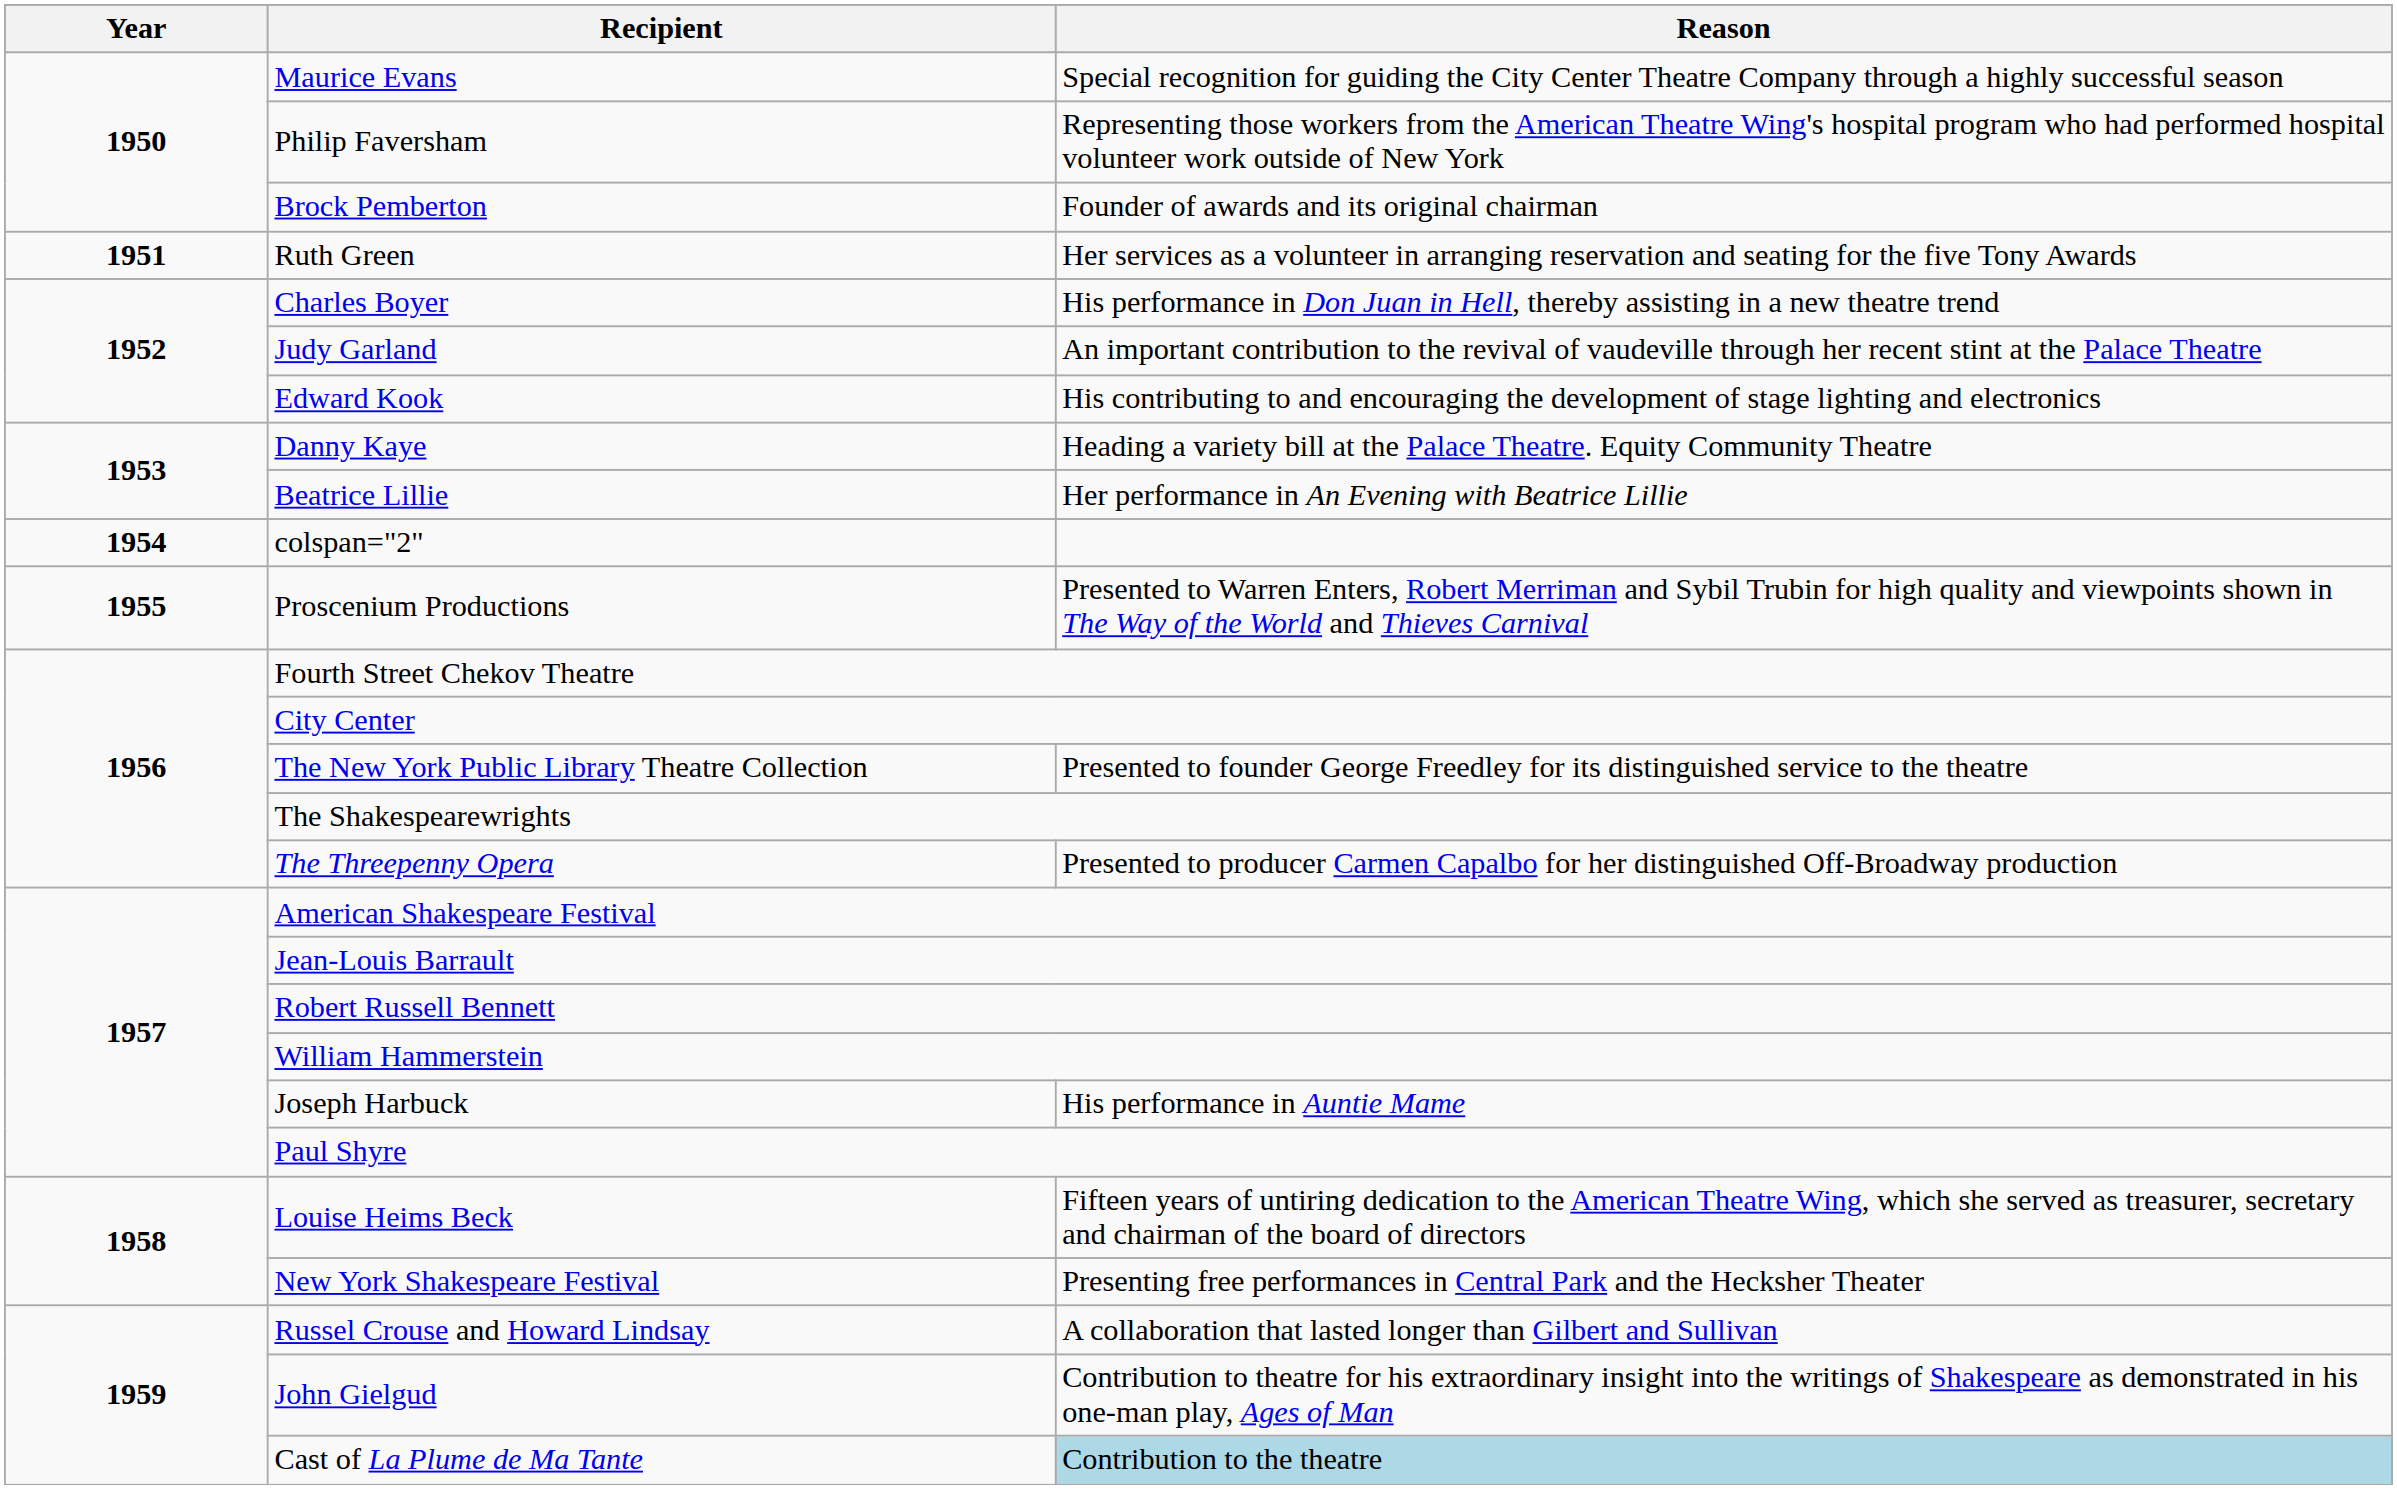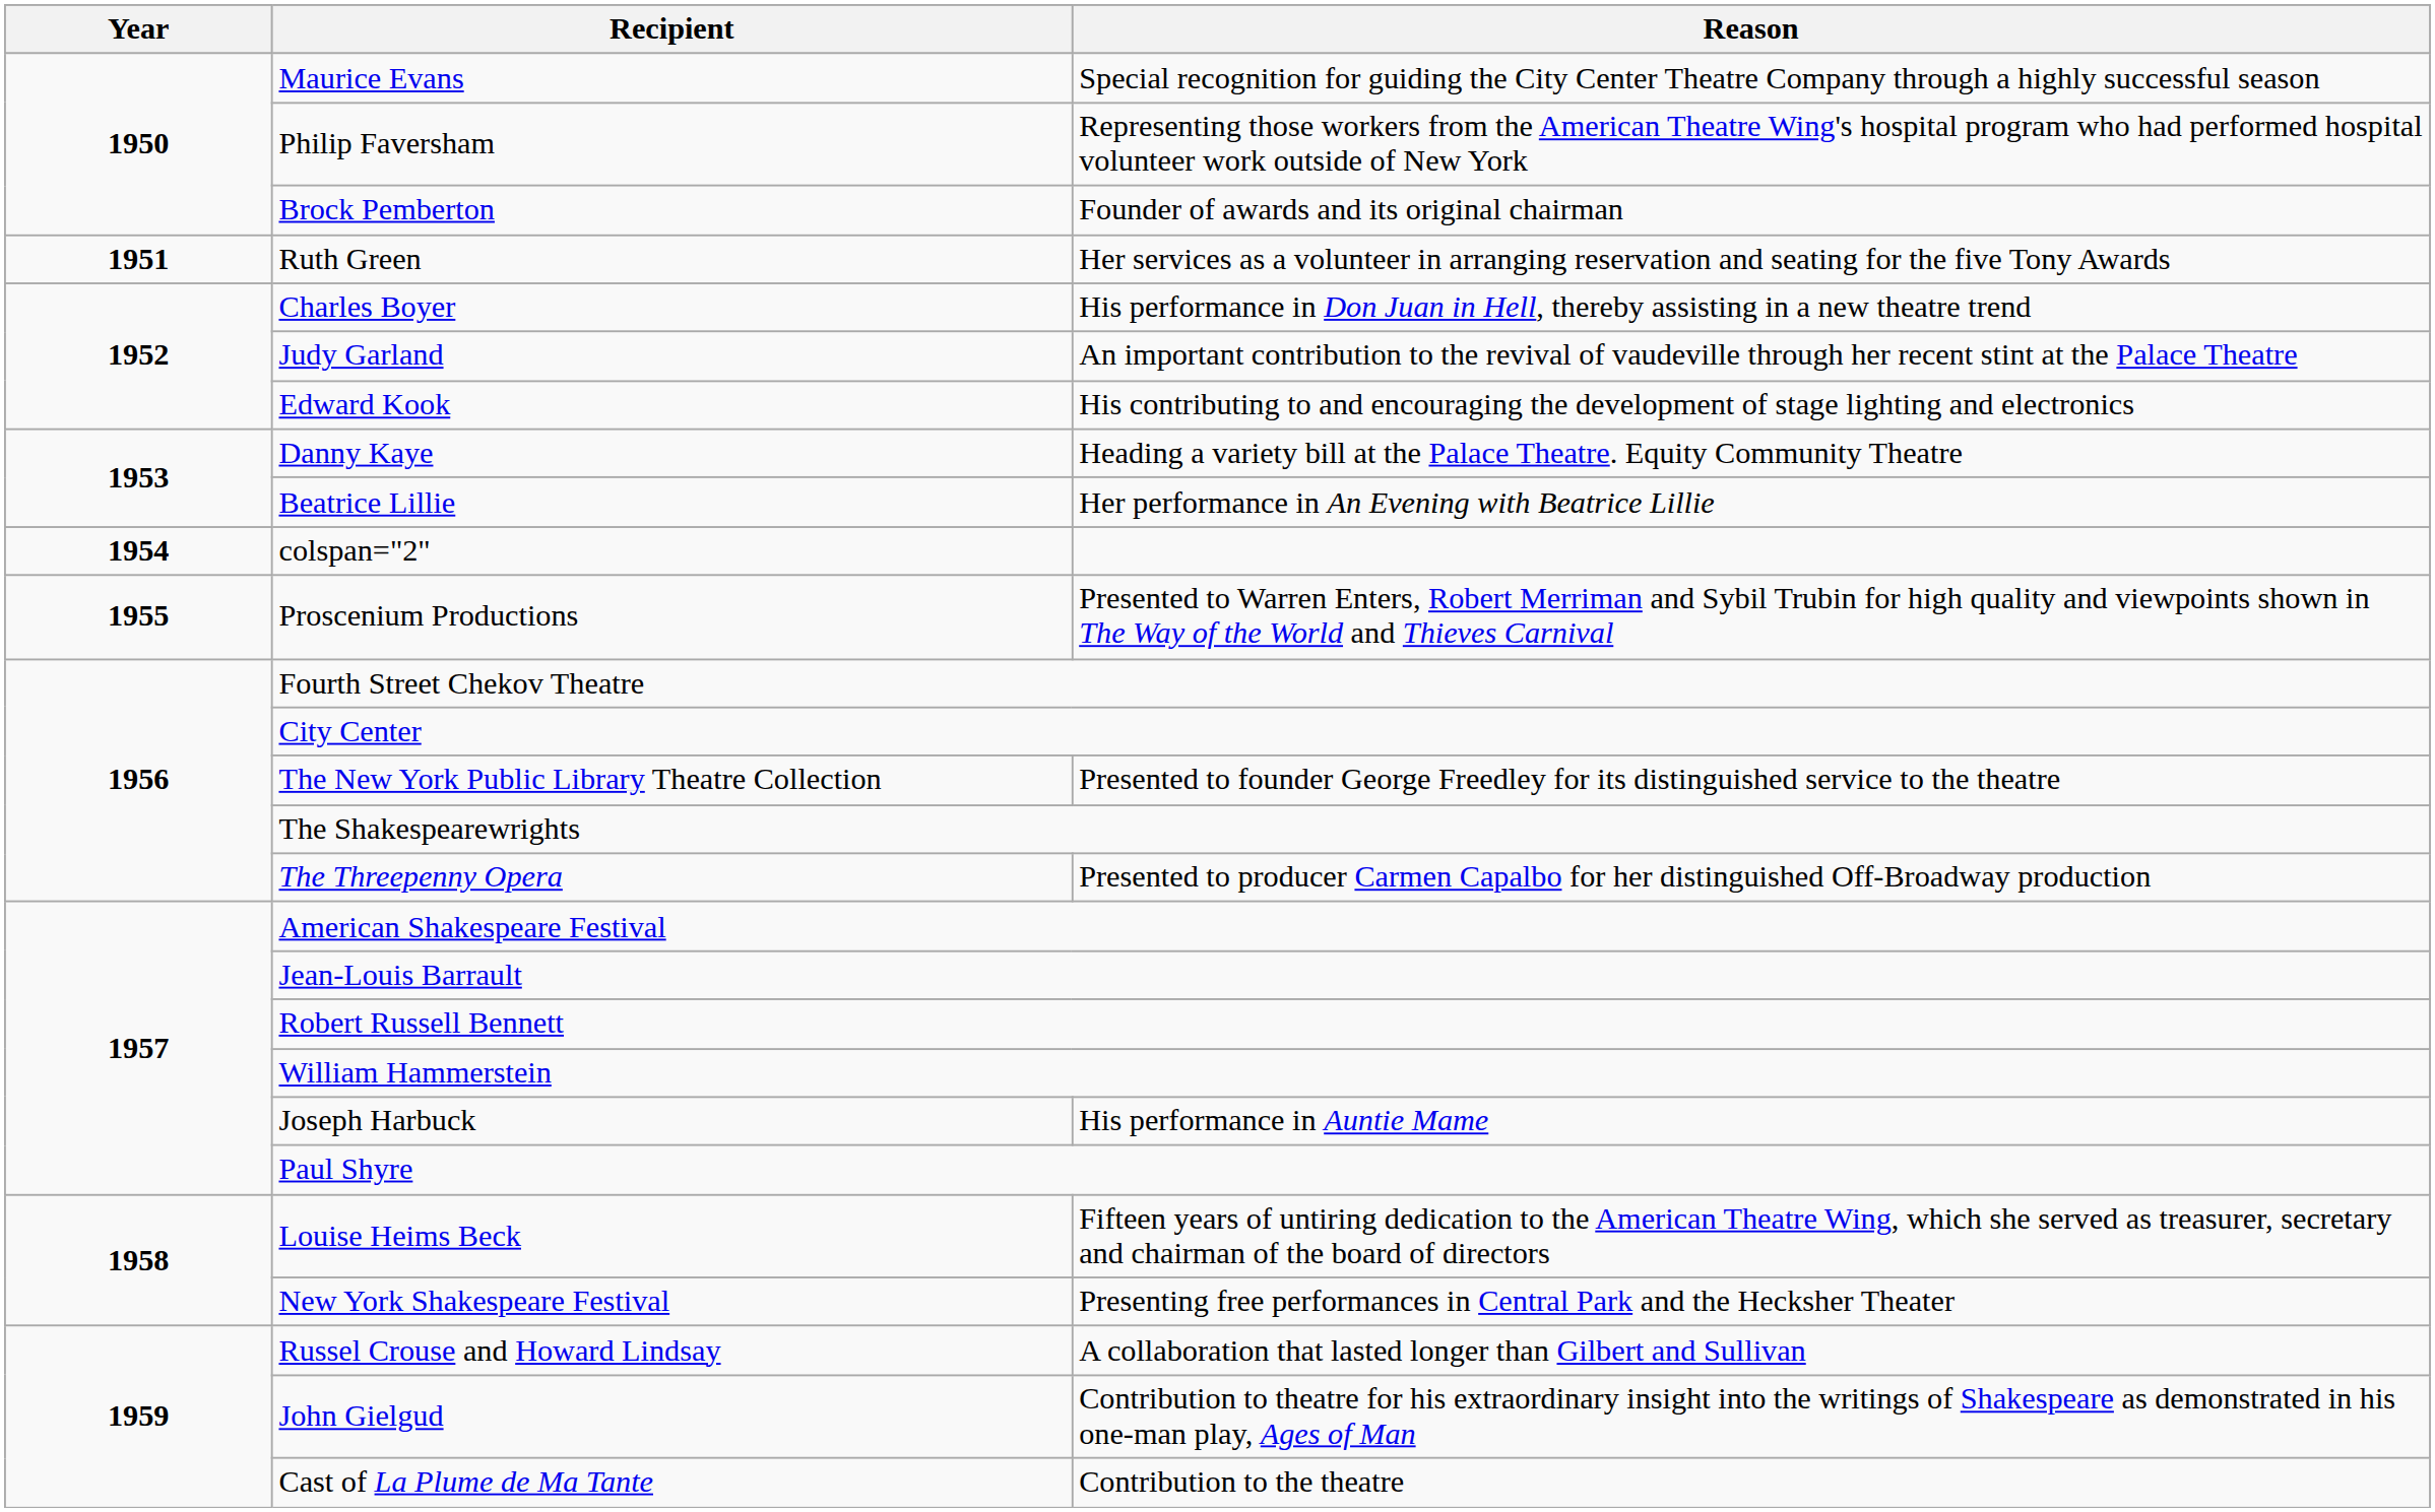 <table class="wikitable" style="width:100%;">
 <tr style="background:#bebebe;">
 <th style="width:11%;">Year</th>
 <th style="width:33%;”">Recipient</th>
 <th style="width:56%;”">Reason</th>
 </tr>
 <tr>
 <td rowspan="3" align="center"><strong>1950</strong><br></td>
 <td><a href='#'>Maurice Evans</a></td>
 <td>Special recognition for guiding the City Center Theatre Company through a highly successful season</td>
 </tr>
 <tr>
 <td>Philip Faversham</td>
 <td>Representing those workers from the <a href='#'>American Theatre Wing</a>'s hospital program who had performed hospital volunteer work outside of New York</td>
 </tr>
 <tr>
 <td><a href='#'>Brock Pemberton</a> </td>
 <td>Founder of awards and its original chairman</td>
 </tr>
 <tr>
 <td align="center"><strong>1951</strong><br></td>
 <td>Ruth Green</td>
 <td>Her services as a volunteer in arranging reservation and seating for the five Tony Awards</td>
 </tr>
 <tr>
 <td rowspan="3" align="center"><strong>1952</strong><br></td>
 <td><a href='#'>Charles Boyer</a></td>
 <td>His performance in <em><a href='#'>Don Juan in Hell</a></em>, thereby assisting in a new theatre trend</td>
 </tr>
 <tr>
 <td><a href='#'>Judy Garland</a></td>
 <td>An important contribution to the revival of vaudeville through her recent stint at the <a href='#'>Palace Theatre</a></td>
 </tr>
 <tr>
 <td><a href='#'>Edward Kook</a></td>
 <td>His contributing to and encouraging the development of stage lighting and electronics</td>
 </tr>
 <tr>
 <td rowspan="2" align="center"><strong>1953</strong><br></td>
 <td><a href='#'>Danny Kaye</a></td>
 <td>Heading a variety bill at the <a href='#'>Palace Theatre</a>. Equity Community Theatre</td>
 </tr>
 <tr>
 <td><a href='#'>Beatrice Lillie</a></td>
 <td>Her performance in <em>An Evening with Beatrice Lillie</em></td>
 </tr>
 <tr>
 <td align="center"><strong>1954</strong><br></td>
 <td>colspan="2" </td>
 </tr>
 <tr>
 <td align="center"><strong>1955</strong><br></td>
 <td>Proscenium Productions</td>
 <td>Presented to Warren Enters, <a href='#'>Robert Merriman</a> and Sybil Trubin for high quality and viewpoints shown in <em><a href='#'>The Way of the World</a></em> and <em><a href='#'>Thieves Carnival</a></em></td>
 </tr>
 <tr>
 <td rowspan="5" align="center"><strong>1956</strong><br></td>
 <td colspan="2">Fourth Street Chekov Theatre</td>
 </tr>
 <tr>
 <td colspan="2"><a href='#'>City Center</a></td>
 </tr>
 <tr>
 <td><a href='#'>The New York Public Library</a> Theatre Collection</td>
 <td>Presented to founder George Freedley for its distinguished service to the theatre</td>
 </tr>
 <tr>
 <td colspan="2">The Shakespearewrights</td>
 </tr>
 <tr>
 <td><em><a href='#'>The Threepenny Opera</a></em></td>
 <td>Presented to producer <a href='#'>Carmen Capalbo</a> for her distinguished Off-Broadway production</td>
 </tr>
 <tr>
 <td rowspan="6" align="center"><strong>1957</strong><br></td>
 <td colspan="2"><a href='#'>American Shakespeare Festival</a></td>
 </tr>
 <tr>
 <td colspan="2"><a href='#'>Jean-Louis Barrault</a></td>
 </tr>
 <tr>
 <td colspan="2"><a href='#'>Robert Russell Bennett</a></td>
 </tr>
 <tr>
 <td colspan="2"><a href='#'>William Hammerstein</a></td>
 </tr>
 <tr>
 <td>Joseph Harbuck</td>
 <td>His performance in <em><a href='#'>Auntie Mame</a></em></td>
 </tr>
 <tr>
 <td colspan="2"><a href='#'>Paul Shyre</a></td>
 </tr>
 <tr>
 <td rowspan="2" align="center"><strong>1958</strong><br></td>
 <td><a href='#'>Louise Heims Beck</a></td>
 <td>Fifteen years of untiring dedication to the <a href='#'>American Theatre Wing</a>, which she served as treasurer, secretary and chairman of the board of directors</td>
 </tr>
 <tr>
 <td><a href='#'>New York Shakespeare Festival</a></td>
 <td>Presenting free performances in <a href='#'>Central Park</a> and the Hecksher Theater</td>
 </tr>
 <tr>
 <td rowspan="3" align="center"><strong>1959</strong><br></td>
 <td><a href='#'>Russel Crouse</a> and <a href='#'>Howard Lindsay</a></td>
 <td>A collaboration that lasted longer than <a href='#'>Gilbert and Sullivan</a></td>
 </tr>
 <tr>
 <td><a href='#'>John Gielgud</a></td>
 <td>Contribution to theatre for his extraordinary insight into the writings of <a href='#'>Shakespeare</a> as demonstrated in his one-man play, <em><a href='#'>Ages of Man</a></em></td>
 </tr>
 <tr>
 <td>Cast of <em><a href='#'>La Plume de Ma Tante</a></em></td>
-<td style="background: lightblue;">Contribution to the theatre</td>
+<td>Contribution to the theatre</td>
 </tr>
 </table>
